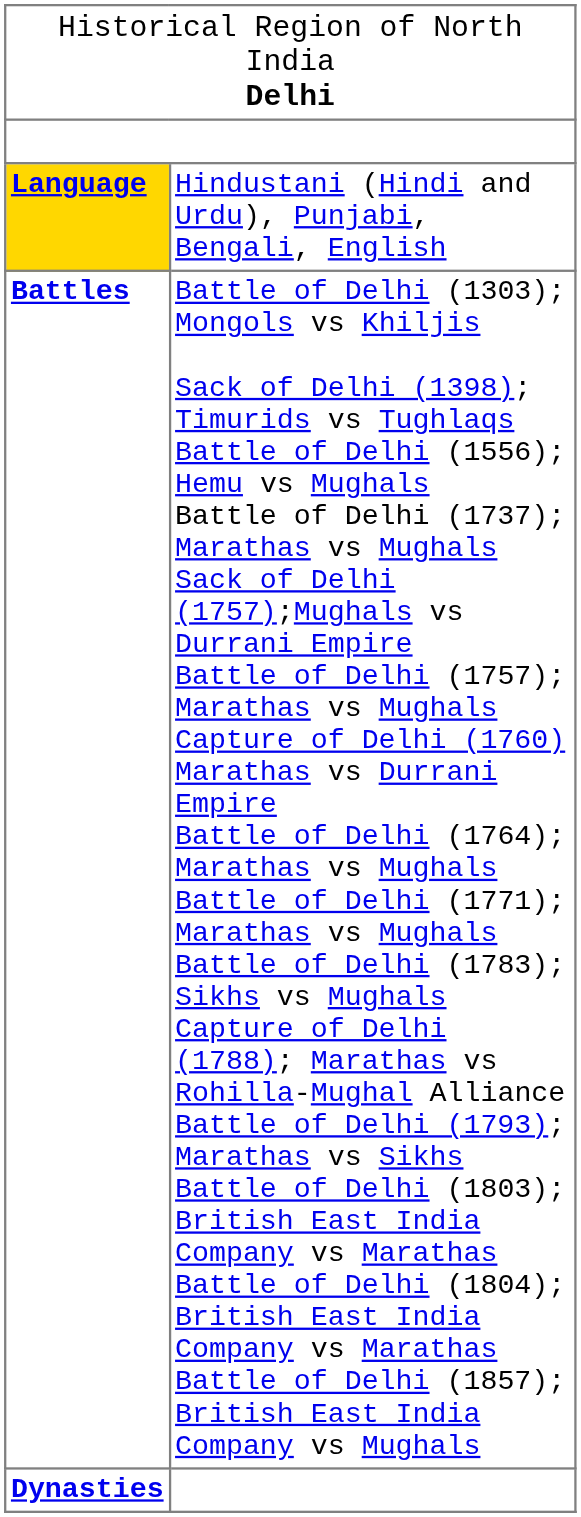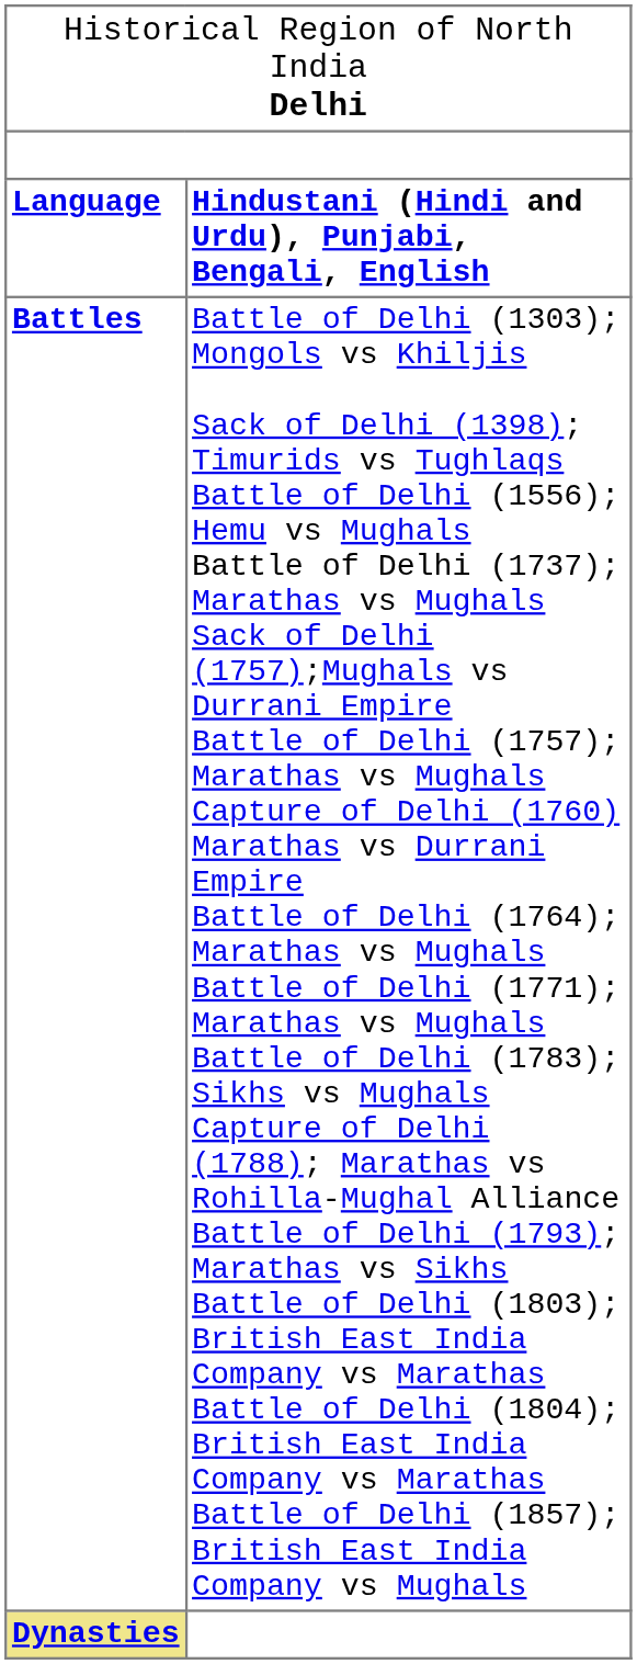 <table class="toccolours" border="1" cellpadding="2" cellspacing="2" style="float: right; margin: 0 0 1em 1em; width: 250px; border-collapse: collapse; font-size: 95%;">
 <tr>
 <td colspan="10" style="margin-left: inherit; text-align:center; font-size: medium;">Historical Region of North India<br><strong>Delhi</strong></td>
 </tr>
 <tr align="center">
 <td colspan="2"><div><br></div></td>
 </tr>
 <tr style="vertical-align: top;">
-<td style="background: gold;"><strong><a href='#'>Language</a></strong></td>
-<td><a href='#'>Hindustani</a> (<a href='#'>Hindi</a> and <a href='#'>Urdu</a>), <a href='#'>Punjabi</a>, <a href='#'>Bengali</a>, <a href='#'>English</a></td>
+<td><strong><a href='#'>Language</a></strong></td>
+<td><strong><a href='#'>Hindustani</a> (<a href='#'>Hindi</a> and <a href='#'>Urdu</a>), <a href='#'>Punjabi</a>, <a href='#'>Bengali</a>, <a href='#'>English</a></strong></td>
 </tr>
 <tr style="vertical-align: top;">
 <td><strong><a href='#'>Battles</a></strong></td>
 <td><a href='#'>Battle of Delhi</a> (1303); <a href='#'>Mongols</a> vs <a href='#'>Khiljis</a><br><br><a href='#'>Sack of Delhi (1398)</a>; <a href='#'>Timurids</a> vs <a href='#'>Tughlaqs</a><br><a href='#'>Battle of Delhi</a> (1556); <a href='#'>Hemu</a> vs <a href='#'>Mughals</a><br>Battle of Delhi (1737); <a href='#'>Marathas</a> vs <a href='#'>Mughals</a><br><a href='#'>Sack of Delhi (1757)</a>;<a href='#'>Mughals</a> vs <a href='#'>Durrani Empire</a><br><a href='#'>Battle of Delhi</a> (1757); <a href='#'>Marathas</a> vs <a href='#'>Mughals</a><br><a href='#'>Capture of Delhi (1760)</a> <a href='#'>Marathas</a> vs <a href='#'>Durrani Empire</a><br><a href='#'>Battle of Delhi</a> (1764); <a href='#'>Marathas</a> vs <a href='#'>Mughals</a><br><a href='#'>Battle of Delhi</a> (1771); <a href='#'>Marathas</a> vs <a href='#'>Mughals</a><br><a href='#'>Battle of Delhi</a> (1783); <a href='#'>Sikhs</a> vs <a href='#'>Mughals</a><br><a href='#'>Capture of Delhi (1788)</a>; <a href='#'>Marathas</a> vs <a href='#'>Rohilla</a>-<a href='#'>Mughal</a> Alliance<br><a href='#'>Battle of Delhi (1793)</a>; <a href='#'>Marathas</a> vs <a href='#'>Sikhs</a><br><a href='#'>Battle of Delhi</a> (1803); <a href='#'>British East India Company</a> vs <a href='#'>Marathas</a><br><a href='#'>Battle of Delhi</a> (1804); <a href='#'>British East India Company</a> vs <a href='#'>Marathas</a><br><a href='#'>Battle of Delhi</a> (1857); <a href='#'>British East India Company</a> vs <a href='#'>Mughals</a></td>
 </tr>
 <tr style="vertical-align: top;">
-<td><strong><a href='#'>Dynasties</a></strong></td>
+<td style="background: khaki;"><strong><a href='#'>Dynasties</a></strong></td>
 <td></td>
 </tr>
 <tr style="vertical-align: top;">
 </tr>
 </table>
